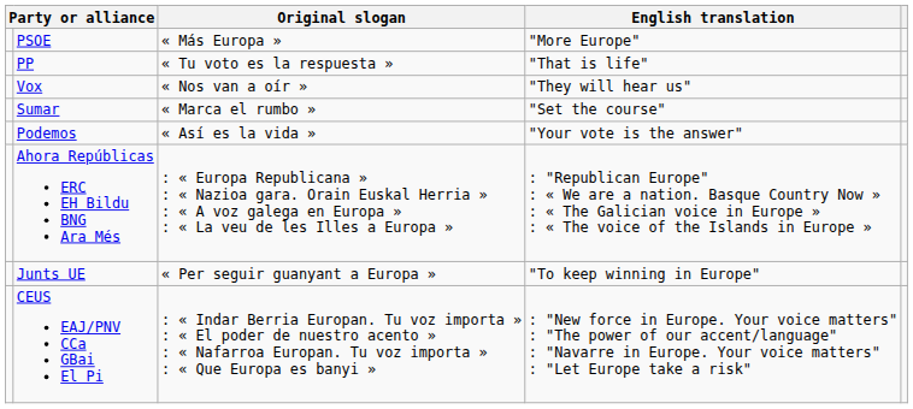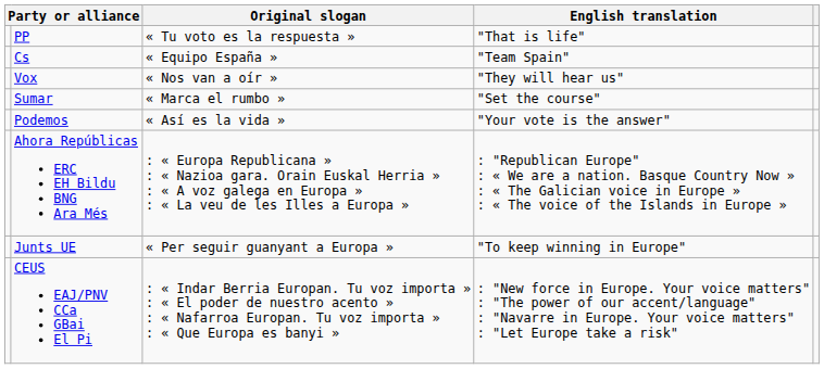 <table class="wikitable" style="text-align:left;">
 <tr>
 <th style="text-align:left;" colspan="2">Party or alliance</th>
 <th>Original slogan</th>
 <th>English translation</th>
 <th></th>
 </tr>
 <tr>
-<td width="1" style="color:inherit;background:"></td>
-<td><a href='#'>PSOE</a></td>
-<td>« Más Europa »</td>
-<td>"More Europe"</td>
+<td style="color:inherit;background:"></td>
+<td><a href='#'>PP</a></td>
+<td>« Tu voto es la respuesta »</td>
+<td>"That is life"</td>
 <td></td>
 </tr>
 <tr>
 <td style="color:inherit;background:"></td>
-<td><a href='#'>PP</a></td>
-<td>« Tu voto es la respuesta »</td>
-<td>"That is life"</td>
+<td><a href='#'>Cs</a></td>
+<td>« Equipo España »</td>
+<td>"Team Spain"</td>
 <td></td>
 </tr>
 <tr>
 <td style="color:inherit;background:"></td>
 <td><a href='#'>Vox</a></td>
 <td>« Nos van a oír »</td>
 <td>"They will hear us"</td>
 <td></td>
 </tr>
 <tr>
 <td style="color:inherit;background:"></td>
 <td><a href='#'>Sumar</a></td>
 <td>« Marca el rumbo »</td>
 <td>"Set the course"</td>
 <td></td>
 </tr>
 <tr>
 <td style="color:inherit;background:"></td>
 <td><a href='#'>Podemos</a></td>
 <td>« Así es la vida »</td>
 <td>"Your vote is the answer"</td>
 <td></td>
 </tr>
 <tr>
 <td style="color:inherit;background:"></td>
 <td><a href='#'>Ahora Repúblicas</a><br><ul><li><a href='#'>ERC</a></li><li><a href='#'>EH Bildu</a></li><li><a href='#'>BNG</a></li><li><a href='#'>Ara Més</a></li></ul></td>
 <td>: « Europa Republicana »<br>: « Nazioa gara. Orain Euskal Herria »<br>: « A voz galega en Europa »<br>: « La veu de les Illes a Europa »</td>
 <td>: "Republican Europe"<br>: « We are a nation. Basque Country Now »<br>: « The Galician voice in Europe »<br>: « The voice of the Islands in Europe »</td>
 <td><br><br><br></td>
 </tr>
 <tr>
 <td style="color:inherit;background:"></td>
 <td><a href='#'>Junts UE</a></td>
 <td>« Per seguir guanyant a Europa »</td>
 <td>"To keep winning in Europe"</td>
 <td></td>
 </tr>
 <tr>
 <td style="color:inherit;background:"></td>
 <td><a href='#'>CEUS</a><br><ul><li><a href='#'>EAJ/PNV</a></li><li><a href='#'>CCa</a></li><li><a href='#'>GBai</a></li><li><a href='#'>El Pi</a></li></ul></td>
 <td>: « Indar Berria Europan. Tu voz importa »<br>: « El poder de nuestro acento »<br>: « Nafarroa Europan. Tu voz importa »<br>: « Que Europa es banyi »</td>
 <td>: "New force in Europe. Your voice matters"<br>: "The power of our accent/language"<br>: "Navarre in Europe. Your voice matters"<br>: "Let Europe take a risk"</td>
 <td><br><br><br></td>
 </tr>
 </table>
